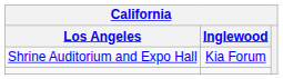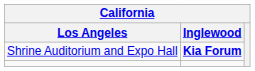 <table class="wikitable" style="text-align:center">
 <tr>
 <th colspan="3"> <a href='#'>California</a></th>
 </tr>
 <tr>
 <th><a href='#'>Los Angeles</a></th>
 <th><a href='#'>Inglewood</a></th>
 <th rowspan="3"></th>
 </tr>
 <tr>
 <td><a href='#'>Shrine Auditorium and Expo Hall</a></td>
-<td><a href='#'>Kia Forum</a></td>
+<td><strong><a href='#'>Kia Forum</a></strong></td>
 </tr>
 <tr>
 <td></td>
 <td></td>
 </tr>
 </table>
